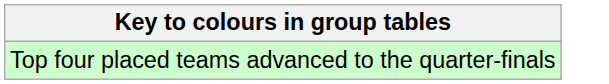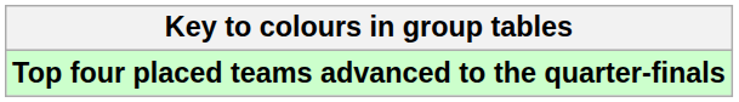 <table class="wikitable">
 <tr>
 <th>Key to colours in group tables</th>
 </tr>
 <tr bgcolor=#ccffcc>
-<td>Top four placed teams advanced to the quarter-finals</td>
+<td><strong>Top four placed teams advanced to the quarter-finals</strong></td>
 </tr>
 </table>
